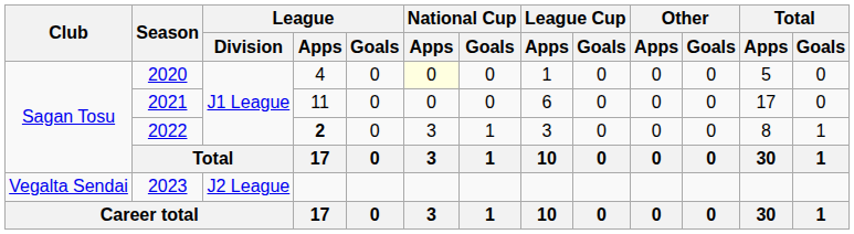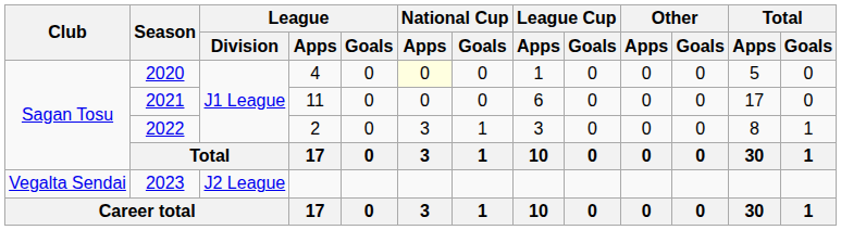 <table class="wikitable" style="text-align: center">
 <tr>
 <th rowspan="2">Club</th>
 <th rowspan="2">Season</th>
 <th colspan="3">League</th>
 <th colspan="2">National Cup</th>
 <th colspan="2">League Cup</th>
 <th colspan="2">Other</th>
 <th colspan="2">Total</th>
 </tr>
 <tr>
 <th>Division</th>
 <th>Apps</th>
 <th>Goals</th>
 <th>Apps</th>
 <th>Goals</th>
 <th>Apps</th>
 <th>Goals</th>
 <th>Apps</th>
 <th>Goals</th>
 <th>Apps</th>
 <th>Goals</th>
 </tr>
 <tr>
 <td rowspan="4"><a href='#'>Sagan Tosu</a></td>
 <td><a href='#'>2020</a></td>
 <td rowspan="3"><a href='#'>J1 League</a></td>
 <td>4</td>
 <td>0</td>
 <td style="background: lightyellow;">0</td>
 <td>0</td>
 <td>1</td>
 <td>0</td>
 <td>0</td>
 <td>0</td>
 <td>5</td>
 <td>0</td>
 </tr>
 <tr>
 <td><a href='#'>2021</a></td>
 <td>11</td>
 <td>0</td>
 <td>0</td>
 <td>0</td>
 <td>6</td>
 <td>0</td>
 <td>0</td>
 <td>0</td>
 <td>17</td>
 <td>0</td>
 </tr>
 <tr>
 <td><a href='#'>2022</a></td>
-<td><strong>2</strong></td>
+<td>2</td>
 <td>0</td>
 <td>3</td>
 <td>1</td>
 <td>3</td>
 <td>0</td>
 <td>0</td>
 <td>0</td>
 <td>8</td>
 <td>1</td>
 </tr>
 <tr>
 <th colspan="2">Total</th>
 <th>17</th>
 <th>0</th>
 <th>3</th>
 <th>1</th>
 <th>10</th>
 <th>0</th>
 <th>0</th>
 <th>0</th>
 <th>30</th>
 <th>1</th>
 </tr>
 <tr>
 <td><a href='#'>Vegalta Sendai</a></td>
 <td><a href='#'>2023</a></td>
 <td><a href='#'>J2 League</a></td>
 <td></td>
 <td></td>
 <td></td>
 <td></td>
 <td></td>
 <td></td>
 <td></td>
 <td></td>
 <td></td>
 <td></td>
 </tr>
 <tr>
 <th colspan="3">Career total</th>
 <th>17</th>
 <th>0</th>
 <th>3</th>
 <th>1</th>
 <th>10</th>
 <th>0</th>
 <th>0</th>
 <th>0</th>
 <th>30</th>
 <th>1</th>
 </tr>
 </table>
